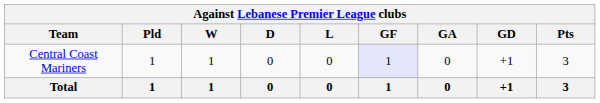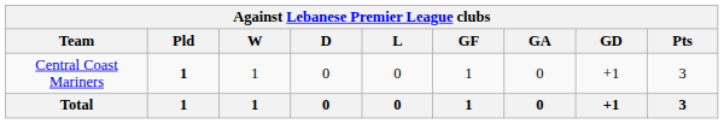 <table class="wikitable" width="60%" style="text-align:center">
 <tr>
 <th colspan="9">Against <a href='#'>Lebanese Premier League</a> clubs</th>
 </tr>
 <tr>
 <th width="10%">Team</th>
 <th width="5%">Pld</th>
 <th width="5%">W</th>
 <th width="5%">D</th>
 <th width="5%">L</th>
 <th width="5%">GF</th>
 <th width="5%">GA</th>
 <th width="5%">GD</th>
 <th width="5%">Pts</th>
 </tr>
 <tr>
 <td align="center"><a href='#'>Central Coast Mariners</a></td>
-<td>1</td>
+<td><strong>1</strong></td>
 <td>1</td>
 <td>0</td>
 <td>0</td>
-<td style="background: lavender;">1</td>
+<td>1</td>
 <td>0</td>
 <td>+1</td>
 <td>3</td>
 </tr>
 <tr>
 <th>Total</th>
 <th>1</th>
 <th>1</th>
 <th>0</th>
 <th>0</th>
 <th>1</th>
 <th>0</th>
 <th>+1</th>
 <th>3</th>
 </tr>
 </table>
